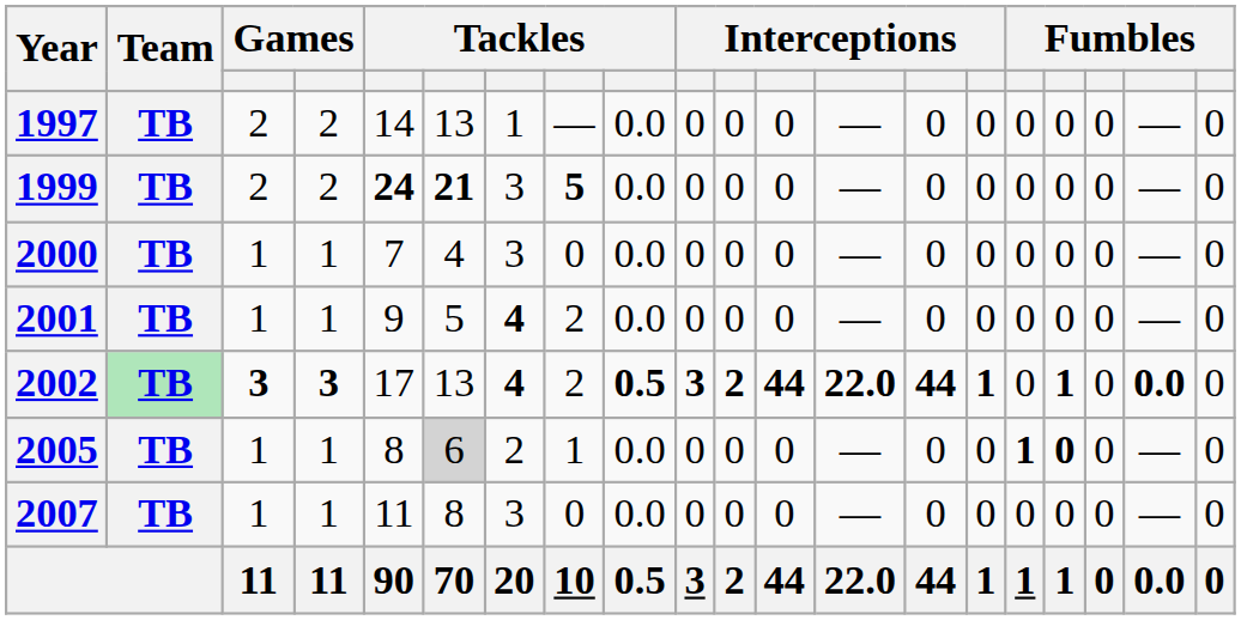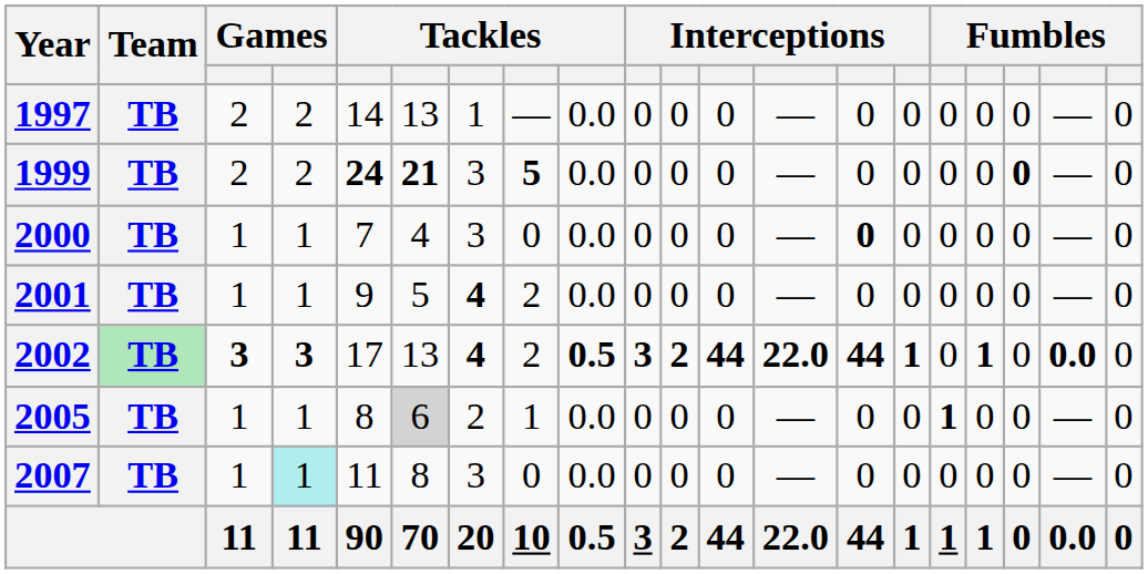 <table class="wikitable" style="text-align:center;">
 <tr>
 <th rowspan="2">Year</th>
 <th rowspan="2">Team</th>
 <th colspan="2">Games</th>
 <th colspan="5">Tackles</th>
 <th colspan="6">Interceptions</th>
 <th colspan="5">Fumbles</th>
 </tr>
 <tr>
 <th></th>
 <th></th>
 <th></th>
 <th></th>
 <th></th>
 <th></th>
 <th></th>
 <th></th>
 <th></th>
 <th></th>
 <th></th>
 <th></th>
 <th></th>
 <th></th>
 <th></th>
 <th></th>
 <th></th>
 <th></th>
 </tr>
 <tr>
 <th><a href='#'>1997</a></th>
 <th><a href='#'>TB</a></th>
 <td>2</td>
 <td>2</td>
 <td>14</td>
 <td>13</td>
 <td>1</td>
 <td>—</td>
 <td>0.0</td>
 <td>0</td>
 <td>0</td>
 <td>0</td>
 <td>—</td>
 <td>0</td>
 <td>0</td>
 <td>0</td>
 <td>0</td>
 <td>0</td>
 <td>—</td>
 <td>0</td>
 </tr>
 <tr>
 <th><a href='#'>1999</a></th>
 <th><a href='#'>TB</a></th>
 <td>2</td>
 <td>2</td>
 <td><strong>24</strong></td>
 <td><strong>21</strong></td>
 <td>3</td>
 <td><strong>5</strong></td>
 <td>0.0</td>
 <td>0</td>
 <td>0</td>
 <td>0</td>
 <td>—</td>
 <td>0</td>
 <td>0</td>
 <td>0</td>
 <td>0</td>
-<td>0</td>
+<td><strong>0</strong></td>
 <td>—</td>
 <td>0</td>
 </tr>
 <tr>
 <th><a href='#'>2000</a></th>
 <th><a href='#'>TB</a></th>
 <td>1</td>
 <td>1</td>
 <td>7</td>
 <td>4</td>
 <td>3</td>
 <td>0</td>
 <td>0.0</td>
 <td>0</td>
 <td>0</td>
 <td>0</td>
 <td>—</td>
-<td>0</td>
+<td><strong>0</strong></td>
 <td>0</td>
 <td>0</td>
 <td>0</td>
 <td>0</td>
 <td>—</td>
 <td>0</td>
 </tr>
 <tr>
 <th><a href='#'>2001</a></th>
 <th><a href='#'>TB</a></th>
 <td>1</td>
 <td>1</td>
 <td>9</td>
 <td>5</td>
 <td><strong>4</strong></td>
 <td>2</td>
 <td>0.0</td>
 <td>0</td>
 <td>0</td>
 <td>0</td>
 <td>—</td>
 <td>0</td>
 <td>0</td>
 <td>0</td>
 <td>0</td>
 <td>0</td>
 <td>—</td>
 <td>0</td>
 </tr>
 <tr>
 <th><a href='#'>2002</a></th>
 <th style="background:#afe6ba;"><a href='#'>TB</a></th>
 <td><strong>3</strong></td>
 <td><strong>3</strong></td>
 <td>17</td>
 <td>13</td>
 <td><strong>4</strong></td>
 <td>2</td>
 <td><strong>0.5</strong></td>
 <td><strong>3</strong></td>
 <td><strong>2</strong></td>
 <td><strong>44</strong></td>
 <td><strong>22.0</strong></td>
 <td><strong>44</strong></td>
 <td><strong>1</strong></td>
 <td>0</td>
 <td><strong>1</strong></td>
 <td>0</td>
 <td><strong>0.0</strong></td>
 <td>0</td>
 </tr>
 <tr>
 <th><a href='#'>2005</a></th>
 <th><a href='#'>TB</a></th>
 <td>1</td>
 <td>1</td>
 <td>8</td>
 <td style="background: lightgrey;">6</td>
 <td>2</td>
 <td>1</td>
 <td>0.0</td>
 <td>0</td>
 <td>0</td>
 <td>0</td>
 <td>—</td>
 <td>0</td>
 <td>0</td>
 <td><strong>1</strong></td>
-<td><strong>0</strong></td>
+<td>0</td>
 <td>0</td>
 <td>—</td>
 <td>0</td>
 </tr>
 <tr>
 <th><a href='#'>2007</a></th>
 <th><a href='#'>TB</a></th>
 <td>1</td>
-<td>1</td>
+<td style="background: paleturquoise;">1</td>
 <td>11</td>
 <td>8</td>
 <td>3</td>
 <td>0</td>
 <td>0.0</td>
 <td>0</td>
 <td>0</td>
 <td>0</td>
 <td>—</td>
 <td>0</td>
 <td>0</td>
 <td>0</td>
 <td>0</td>
 <td>0</td>
 <td>—</td>
 <td>0</td>
 </tr>
 <tr>
 <th colspan="2"></th>
 <th>11</th>
 <th>11</th>
 <th>90</th>
 <th>70</th>
 <th>20</th>
 <th><u>10</u></th>
 <th>0.5</th>
 <th><u>3</u></th>
 <th>2</th>
 <th>44</th>
 <th>22.0</th>
 <th>44</th>
 <th>1</th>
 <th><u>1</u></th>
 <th>1</th>
 <th>0</th>
 <th>0.0</th>
 <th>0</th>
 </tr>
 </table>
